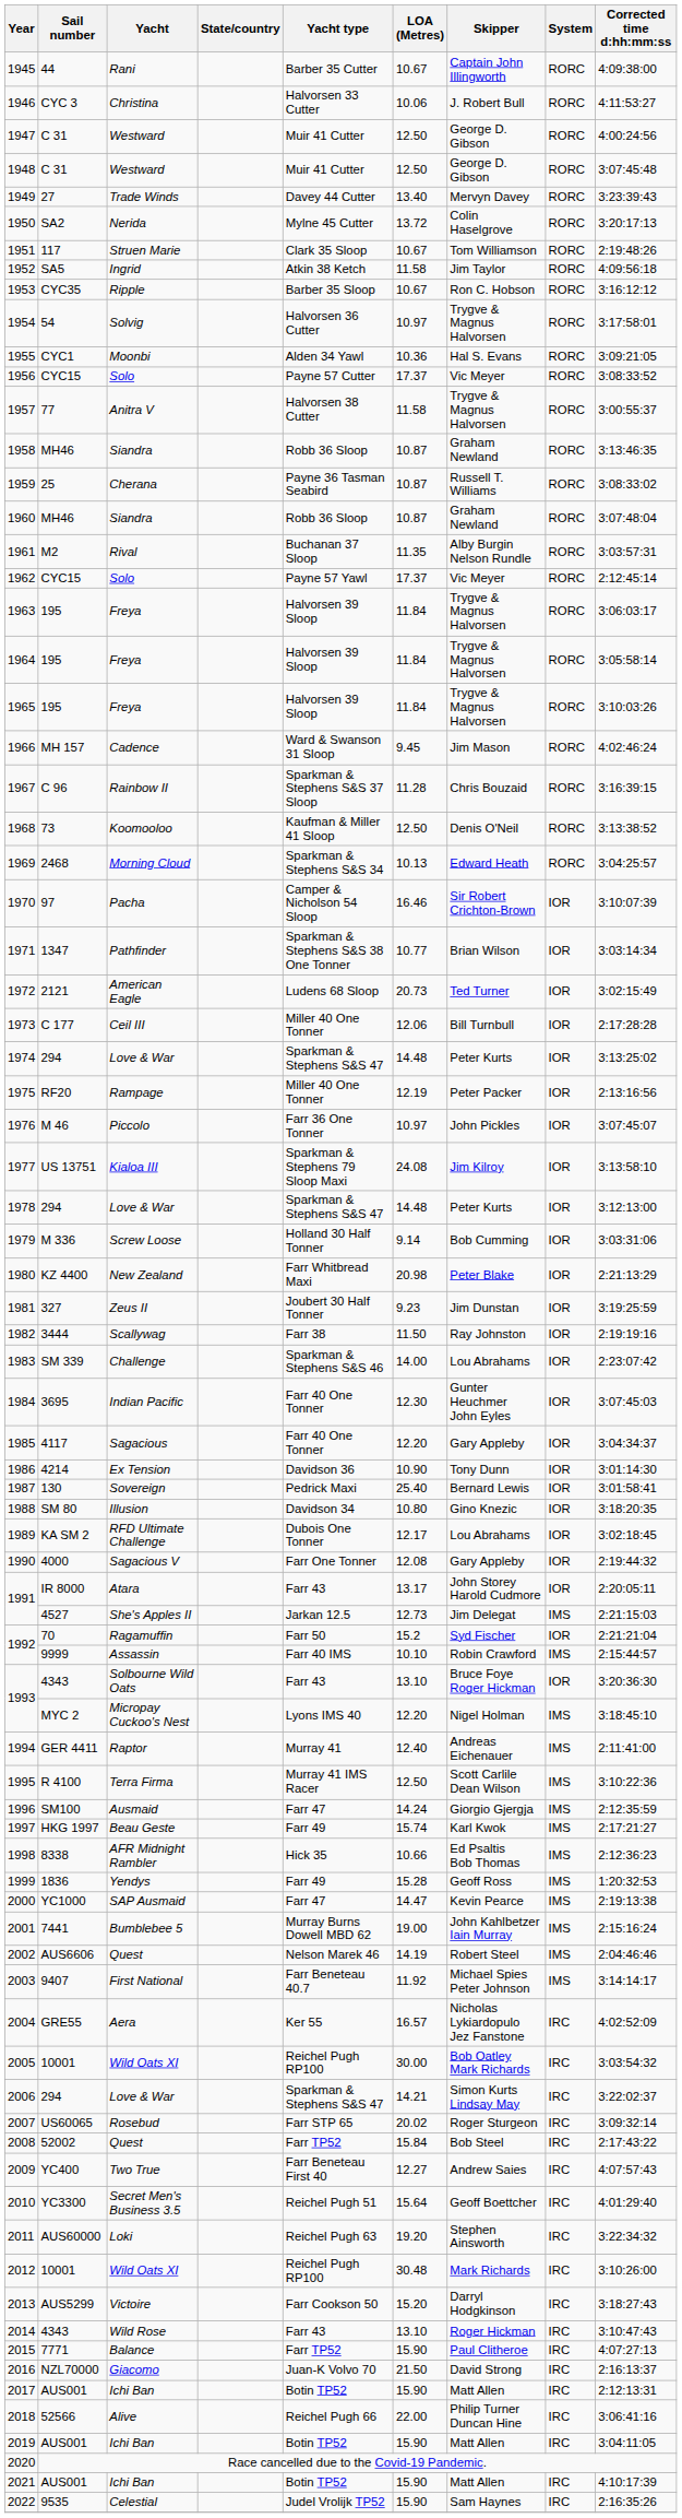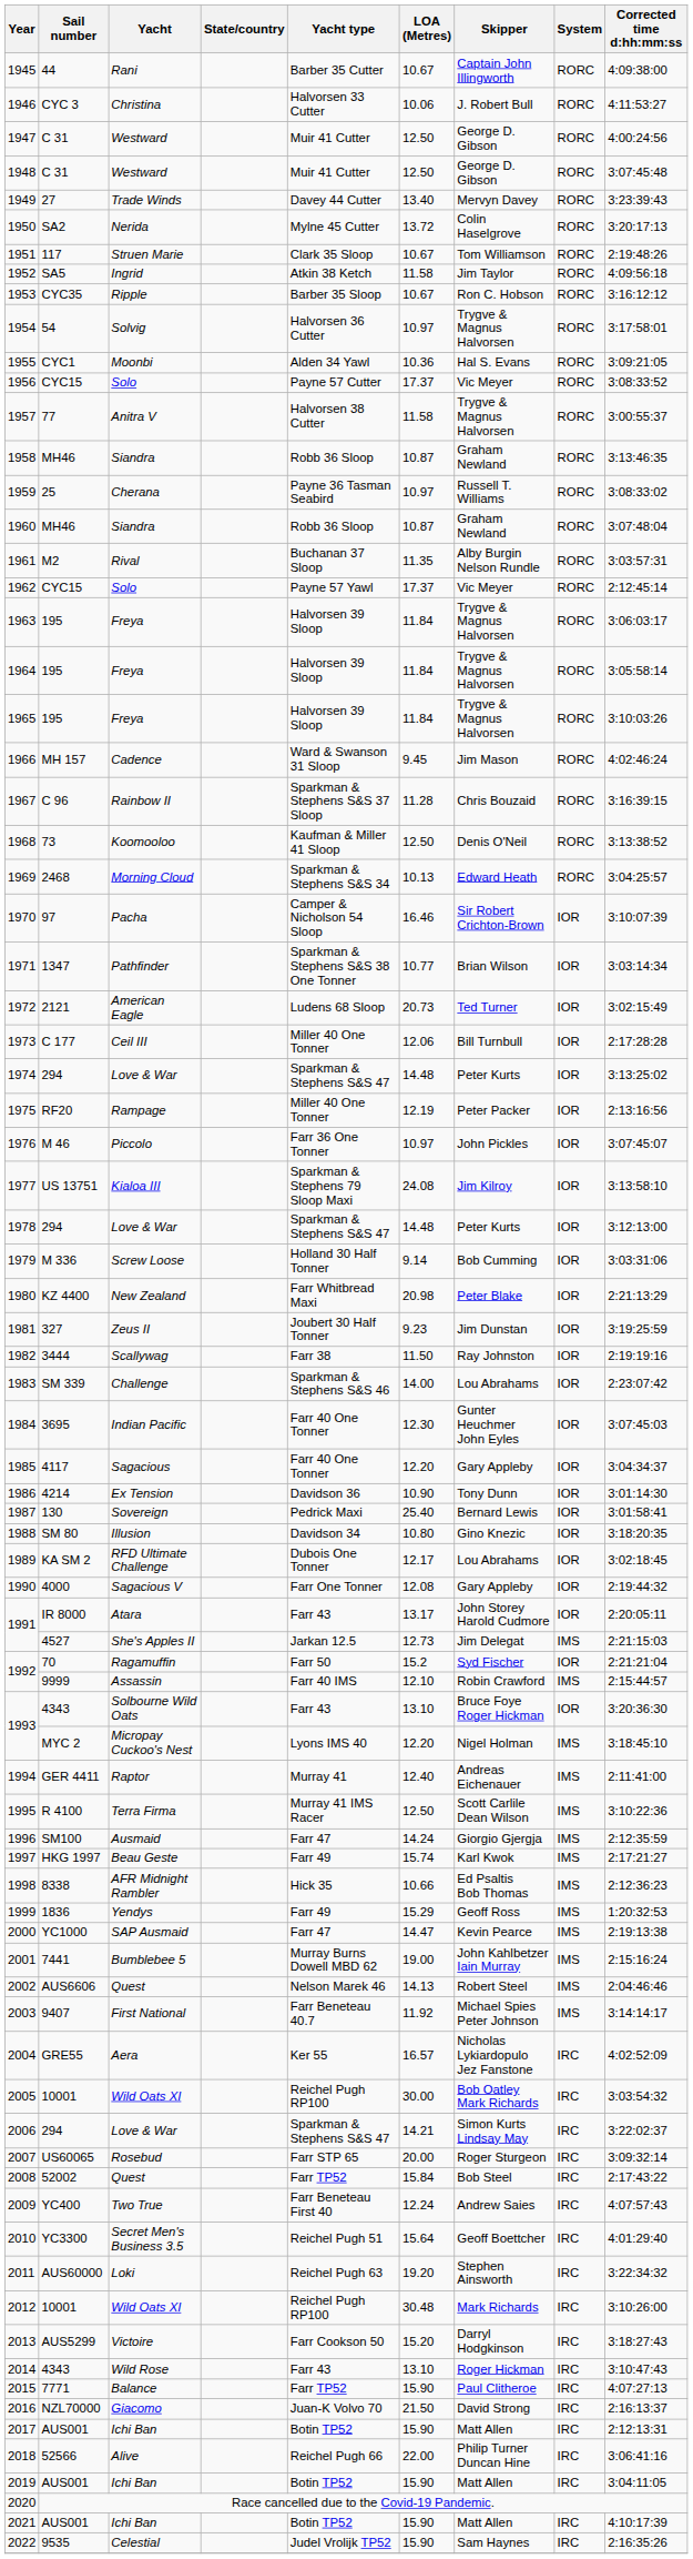 <table class="wikitable">
 <tr>
 <th>Year</th>
 <th>Sail number</th>
 <th>Yacht</th>
 <th>State/country</th>
 <th>Yacht type</th>
 <th>LOA <br>(Metres)</th>
 <th>Skipper</th>
 <th>System</th>
 <th>Corrected time <br>d:hh:mm:ss</th>
 </tr>
 <tr>
 <td>1945</td>
 <td>44</td>
 <td><em>Rani</em></td>
 <td></td>
 <td>Barber 35 Cutter</td>
 <td>10.67</td>
 <td><a href='#'>Captain John Illingworth</a></td>
 <td>RORC</td>
 <td>4:09:38:00</td>
 </tr>
 <tr>
 <td>1946</td>
 <td>CYC 3</td>
 <td><em>Christina</em></td>
 <td></td>
 <td>Halvorsen 33 Cutter</td>
 <td>10.06</td>
 <td>J. Robert Bull</td>
 <td>RORC</td>
 <td>4:11:53:27</td>
 </tr>
 <tr>
 <td>1947</td>
 <td>C 31</td>
 <td><em>Westward</em></td>
 <td></td>
 <td>Muir 41 Cutter</td>
 <td>12.50</td>
 <td>George D. Gibson</td>
 <td>RORC</td>
 <td>4:00:24:56</td>
 </tr>
 <tr>
 <td>1948</td>
 <td>C 31</td>
 <td><em>Westward</em></td>
 <td></td>
 <td>Muir 41 Cutter</td>
 <td>12.50</td>
 <td>George D. Gibson</td>
 <td>RORC</td>
 <td>3:07:45:48</td>
 </tr>
 <tr>
 <td>1949</td>
 <td>27</td>
 <td><em>Trade Winds</em></td>
 <td></td>
 <td>Davey 44 Cutter</td>
 <td>13.40</td>
 <td>Mervyn Davey</td>
 <td>RORC</td>
 <td>3:23:39:43</td>
 </tr>
 <tr>
 <td>1950</td>
 <td>SA2</td>
 <td><em>Nerida</em></td>
 <td></td>
 <td>Mylne 45 Cutter</td>
 <td>13.72</td>
 <td>Colin Haselgrove</td>
 <td>RORC</td>
 <td>3:20:17:13</td>
 </tr>
 <tr>
 <td>1951</td>
 <td>117</td>
 <td><em>Struen Marie</em></td>
 <td></td>
 <td>Clark 35 Sloop</td>
 <td>10.67</td>
 <td>Tom Williamson</td>
 <td>RORC</td>
 <td>2:19:48:26</td>
 </tr>
 <tr>
 <td>1952</td>
 <td>SA5</td>
 <td><em>Ingrid</em></td>
 <td></td>
 <td>Atkin 38 Ketch</td>
 <td>11.58</td>
 <td>Jim Taylor</td>
 <td>RORC</td>
 <td>4:09:56:18</td>
 </tr>
 <tr>
 <td>1953</td>
 <td>CYC35</td>
 <td><em>Ripple</em></td>
 <td></td>
 <td>Barber 35 Sloop</td>
 <td>10.67</td>
 <td>Ron C. Hobson</td>
 <td>RORC</td>
 <td>3:16:12:12</td>
 </tr>
 <tr>
 <td>1954</td>
 <td>54</td>
 <td><em>Solvig</em></td>
 <td></td>
 <td>Halvorsen 36 Cutter</td>
 <td>10.97</td>
 <td>Trygve & Magnus Halvorsen</td>
 <td>RORC</td>
 <td>3:17:58:01</td>
 </tr>
 <tr>
 <td>1955</td>
 <td>CYC1</td>
 <td><em>Moonbi</em></td>
 <td></td>
 <td>Alden 34 Yawl</td>
 <td>10.36</td>
 <td>Hal S. Evans</td>
 <td>RORC</td>
 <td>3:09:21:05</td>
 </tr>
 <tr>
 <td>1956</td>
 <td>CYC15</td>
 <td><em><a href='#'>Solo</a></em></td>
 <td></td>
 <td>Payne 57 Cutter</td>
 <td>17.37</td>
 <td>Vic Meyer</td>
 <td>RORC</td>
 <td>3:08:33:52</td>
 </tr>
 <tr>
 <td>1957</td>
 <td>77</td>
 <td><em>Anitra V</em></td>
 <td></td>
 <td>Halvorsen 38 Cutter</td>
 <td>11.58</td>
 <td>Trygve & Magnus Halvorsen</td>
 <td>RORC</td>
 <td>3:00:55:37</td>
 </tr>
 <tr>
 <td>1958</td>
 <td>MH46</td>
 <td><em>Siandra</em></td>
 <td></td>
 <td>Robb 36 Sloop</td>
 <td>10.87</td>
 <td>Graham Newland</td>
 <td>RORC</td>
 <td>3:13:46:35</td>
 </tr>
 <tr>
 <td>1959</td>
 <td>25</td>
 <td><em>Cherana</em></td>
 <td></td>
 <td>Payne 36 Tasman Seabird</td>
-<td>10.87</td>
+<td>10.97</td>
 <td>Russell T. Williams</td>
 <td>RORC</td>
 <td>3:08:33:02</td>
 </tr>
 <tr>
 <td>1960</td>
 <td>MH46</td>
 <td><em>Siandra</em></td>
 <td></td>
 <td>Robb 36 Sloop</td>
 <td>10.87</td>
 <td>Graham Newland</td>
 <td>RORC</td>
 <td>3:07:48:04</td>
 </tr>
 <tr>
 <td>1961</td>
 <td>M2</td>
 <td><em>Rival</em></td>
 <td></td>
 <td>Buchanan 37 Sloop</td>
 <td>11.35</td>
 <td>Alby Burgin <br> Nelson Rundle</td>
 <td>RORC</td>
 <td>3:03:57:31</td>
 </tr>
 <tr>
 <td>1962</td>
 <td>CYC15</td>
 <td><em><a href='#'>Solo</a></em></td>
 <td></td>
 <td>Payne 57 Yawl</td>
 <td>17.37</td>
 <td>Vic Meyer</td>
 <td>RORC</td>
 <td>2:12:45:14</td>
 </tr>
 <tr>
 <td>1963</td>
 <td>195</td>
 <td><em>Freya</em></td>
 <td></td>
 <td>Halvorsen 39 Sloop</td>
 <td>11.84</td>
 <td>Trygve & Magnus Halvorsen</td>
 <td>RORC</td>
 <td>3:06:03:17</td>
 </tr>
 <tr>
 <td>1964</td>
 <td>195</td>
 <td><em>Freya</em></td>
 <td></td>
 <td>Halvorsen 39 Sloop</td>
 <td>11.84</td>
 <td>Trygve & Magnus Halvorsen</td>
 <td>RORC</td>
 <td>3:05:58:14</td>
 </tr>
 <tr>
 <td>1965</td>
 <td>195</td>
 <td><em>Freya</em></td>
 <td></td>
 <td>Halvorsen 39 Sloop</td>
 <td>11.84</td>
 <td>Trygve & Magnus Halvorsen</td>
 <td>RORC</td>
 <td>3:10:03:26</td>
 </tr>
 <tr>
 <td>1966</td>
 <td>MH 157</td>
 <td><em>Cadence</em></td>
 <td></td>
 <td>Ward & Swanson 31 Sloop</td>
 <td>9.45</td>
 <td>Jim Mason</td>
 <td>RORC</td>
 <td>4:02:46:24</td>
 </tr>
 <tr>
 <td>1967</td>
 <td>C 96</td>
 <td><em>Rainbow II</em></td>
 <td></td>
 <td>Sparkman & Stephens S&S 37 Sloop</td>
 <td>11.28</td>
 <td>Chris Bouzaid</td>
 <td>RORC</td>
 <td>3:16:39:15</td>
 </tr>
 <tr>
 <td>1968</td>
 <td>73</td>
 <td><em>Koomooloo</em></td>
 <td></td>
 <td>Kaufman & Miller 41 Sloop</td>
 <td>12.50</td>
 <td>Denis O'Neil</td>
 <td>RORC</td>
 <td>3:13:38:52</td>
 </tr>
 <tr>
 <td>1969</td>
 <td>2468</td>
 <td><em><a href='#'>Morning Cloud</a></em></td>
 <td></td>
 <td>Sparkman & Stephens S&S 34</td>
 <td>10.13</td>
 <td><a href='#'>Edward Heath</a></td>
 <td>RORC</td>
 <td>3:04:25:57</td>
 </tr>
 <tr>
 <td>1970</td>
 <td>97</td>
 <td><em>Pacha</em></td>
 <td></td>
 <td>Camper & Nicholson 54 Sloop</td>
 <td>16.46</td>
 <td><a href='#'>Sir Robert Crichton-Brown</a></td>
 <td>IOR</td>
 <td>3:10:07:39</td>
 </tr>
 <tr>
 <td>1971</td>
 <td>1347</td>
 <td><em>Pathfinder</em></td>
 <td></td>
 <td>Sparkman & Stephens S&S 38 One Tonner</td>
 <td>10.77</td>
 <td>Brian Wilson</td>
 <td>IOR</td>
 <td>3:03:14:34</td>
 </tr>
 <tr>
 <td>1972</td>
 <td>2121</td>
 <td><em>American Eagle</em></td>
 <td></td>
 <td>Ludens 68 Sloop</td>
 <td>20.73</td>
 <td><a href='#'>Ted Turner</a></td>
 <td>IOR</td>
 <td>3:02:15:49</td>
 </tr>
 <tr>
 <td>1973</td>
 <td>C 177</td>
 <td><em>Ceil III</em></td>
 <td></td>
 <td>Miller 40 One Tonner</td>
 <td>12.06</td>
 <td>Bill Turnbull</td>
 <td>IOR</td>
 <td>2:17:28:28</td>
 </tr>
 <tr>
 <td>1974</td>
 <td>294</td>
 <td><em>Love & War</em></td>
 <td></td>
 <td>Sparkman & Stephens S&S 47</td>
 <td>14.48</td>
 <td>Peter Kurts</td>
 <td>IOR</td>
 <td>3:13:25:02</td>
 </tr>
 <tr>
 <td>1975</td>
 <td>RF20</td>
 <td><em>Rampage</em></td>
 <td></td>
 <td>Miller 40 One Tonner</td>
 <td>12.19</td>
 <td>Peter Packer</td>
 <td>IOR</td>
 <td>2:13:16:56</td>
 </tr>
 <tr>
 <td>1976</td>
 <td>M 46</td>
 <td><em>Piccolo</em></td>
 <td></td>
 <td>Farr 36 One Tonner</td>
 <td>10.97</td>
 <td>John Pickles</td>
 <td>IOR</td>
 <td>3:07:45:07</td>
 </tr>
 <tr>
 <td>1977</td>
 <td>US 13751</td>
 <td><em><a href='#'>Kialoa III</a></em></td>
 <td></td>
 <td>Sparkman & Stephens 79 Sloop Maxi</td>
 <td>24.08</td>
 <td><a href='#'>Jim Kilroy</a></td>
 <td>IOR</td>
 <td>3:13:58:10</td>
 </tr>
 <tr>
 <td>1978</td>
 <td>294</td>
 <td><em>Love & War</em></td>
 <td></td>
 <td>Sparkman & Stephens S&S 47</td>
 <td>14.48</td>
 <td>Peter Kurts</td>
 <td>IOR</td>
 <td>3:12:13:00</td>
 </tr>
 <tr>
 <td>1979</td>
 <td>M 336</td>
 <td><em>Screw Loose</em></td>
 <td></td>
 <td>Holland 30 Half Tonner</td>
 <td>9.14</td>
 <td>Bob Cumming</td>
 <td>IOR</td>
 <td>3:03:31:06</td>
 </tr>
 <tr>
 <td>1980</td>
 <td>KZ 4400</td>
 <td><em>New Zealand</em></td>
 <td></td>
 <td>Farr Whitbread Maxi</td>
 <td>20.98</td>
 <td><a href='#'>Peter Blake</a></td>
 <td>IOR</td>
 <td>2:21:13:29</td>
 </tr>
 <tr>
 <td>1981</td>
 <td>327</td>
 <td><em>Zeus II</em></td>
 <td></td>
 <td>Joubert 30 Half Tonner</td>
 <td>9.23</td>
 <td>Jim Dunstan</td>
 <td>IOR</td>
 <td>3:19:25:59</td>
 </tr>
 <tr>
 <td>1982</td>
 <td>3444</td>
 <td><em>Scallywag</em></td>
 <td></td>
 <td>Farr 38</td>
 <td>11.50</td>
 <td>Ray Johnston</td>
 <td>IOR</td>
 <td>2:19:19:16</td>
 </tr>
 <tr>
 <td>1983</td>
 <td>SM 339</td>
 <td><em>Challenge </em></td>
 <td></td>
 <td>Sparkman & Stephens S&S 46</td>
 <td>14.00</td>
 <td>Lou Abrahams</td>
 <td>IOR</td>
 <td>2:23:07:42</td>
 </tr>
 <tr>
 <td>1984</td>
 <td>3695</td>
 <td><em>Indian Pacific</em></td>
 <td></td>
 <td>Farr 40 One Tonner</td>
 <td>12.30</td>
 <td>Gunter Heuchmer <br> John Eyles</td>
 <td>IOR</td>
 <td>3:07:45:03</td>
 </tr>
 <tr>
 <td>1985</td>
 <td>4117</td>
 <td><em>Sagacious</em></td>
 <td></td>
 <td>Farr 40 One Tonner</td>
 <td>12.20</td>
 <td>Gary Appleby</td>
 <td>IOR</td>
 <td>3:04:34:37</td>
 </tr>
 <tr>
 <td>1986</td>
 <td>4214</td>
 <td><em>Ex Tension</em></td>
 <td></td>
 <td>Davidson 36</td>
 <td>10.90</td>
 <td>Tony Dunn</td>
 <td>IOR</td>
 <td>3:01:14:30</td>
 </tr>
 <tr>
 <td>1987</td>
 <td>130</td>
 <td><em>Sovereign</em></td>
 <td></td>
 <td>Pedrick Maxi</td>
 <td>25.40</td>
 <td>Bernard Lewis</td>
 <td>IOR</td>
 <td>3:01:58:41</td>
 </tr>
 <tr>
 <td>1988</td>
 <td>SM 80</td>
 <td><em>Illusion</em></td>
 <td></td>
 <td>Davidson 34</td>
 <td>10.80</td>
 <td>Gino Knezic</td>
 <td>IOR</td>
 <td>3:18:20:35</td>
 </tr>
 <tr>
 <td>1989</td>
 <td>KA SM 2</td>
 <td><em>RFD Ultimate Challenge</em></td>
 <td></td>
 <td>Dubois One Tonner</td>
 <td>12.17</td>
 <td>Lou Abrahams</td>
 <td>IOR</td>
 <td>3:02:18:45</td>
 </tr>
 <tr>
 <td>1990</td>
 <td>4000</td>
 <td><em>Sagacious V</em></td>
 <td></td>
 <td>Farr One Tonner</td>
 <td>12.08</td>
 <td>Gary Appleby</td>
 <td>IOR</td>
 <td>2:19:44:32</td>
 </tr>
 <tr>
 <td rowspan=2>1991</td>
 <td>IR 8000</td>
 <td><em>Atara</em></td>
 <td></td>
 <td>Farr 43</td>
 <td>13.17</td>
 <td>John Storey <br> Harold Cudmore</td>
 <td>IOR</td>
 <td>2:20:05:11</td>
 </tr>
 <tr>
 <td>4527</td>
 <td><em>She's Apples II</em></td>
 <td></td>
 <td>Jarkan 12.5</td>
 <td>12.73</td>
 <td>Jim Delegat</td>
 <td>IMS</td>
 <td>2:21:15:03</td>
 </tr>
 <tr>
 <td rowspan=2>1992</td>
 <td>70</td>
 <td><em>Ragamuffin</em></td>
 <td></td>
 <td>Farr 50</td>
 <td>15.2</td>
 <td><a href='#'>Syd Fischer</a></td>
 <td>IOR</td>
 <td>2:21:21:04</td>
 </tr>
 <tr>
 <td>9999</td>
 <td><em>Assassin</em></td>
 <td></td>
 <td>Farr 40 IMS</td>
-<td>10.10</td>
+<td>12.10</td>
 <td>Robin Crawford</td>
 <td>IMS</td>
 <td>2:15:44:57</td>
 </tr>
 <tr>
 <td rowspan=2>1993</td>
 <td>4343</td>
 <td><em>Solbourne Wild Oats</em></td>
 <td></td>
 <td>Farr 43</td>
 <td>13.10</td>
 <td>Bruce Foye <br> <a href='#'>Roger Hickman</a></td>
 <td>IOR</td>
 <td>3:20:36:30</td>
 </tr>
 <tr>
 <td>MYC 2</td>
 <td><em>Micropay Cuckoo's Nest</em></td>
 <td></td>
 <td>Lyons IMS 40</td>
 <td>12.20</td>
 <td>Nigel Holman</td>
 <td>IMS</td>
 <td>3:18:45:10</td>
 </tr>
 <tr>
 <td>1994</td>
 <td>GER 4411</td>
 <td><em>Raptor</em></td>
 <td></td>
 <td>Murray 41</td>
 <td>12.40</td>
 <td>Andreas Eichenauer</td>
 <td>IMS</td>
 <td>2:11:41:00</td>
 </tr>
 <tr>
 <td>1995</td>
 <td>R 4100</td>
 <td><em>Terra Firma</em></td>
 <td></td>
 <td>Murray 41 IMS Racer</td>
 <td>12.50</td>
 <td>Scott Carlile <br> Dean Wilson</td>
 <td>IMS</td>
 <td>3:10:22:36</td>
 </tr>
 <tr>
 <td>1996</td>
 <td>SM100</td>
 <td><em>Ausmaid</em></td>
 <td></td>
 <td>Farr 47</td>
 <td>14.24</td>
 <td>Giorgio Gjergja</td>
 <td>IMS</td>
 <td>2:12:35:59</td>
 </tr>
 <tr>
 <td>1997</td>
 <td>HKG 1997</td>
 <td><em>Beau Geste</em></td>
 <td></td>
 <td>Farr 49</td>
 <td>15.74</td>
 <td>Karl Kwok</td>
 <td>IMS</td>
 <td>2:17:21:27</td>
 </tr>
 <tr>
 <td>1998</td>
 <td>8338</td>
 <td><em>AFR Midnight Rambler</em></td>
 <td></td>
 <td>Hick 35</td>
 <td>10.66</td>
 <td>Ed Psaltis <br> Bob Thomas</td>
 <td>IMS</td>
 <td>2:12:36:23</td>
 </tr>
 <tr>
 <td>1999</td>
 <td>1836</td>
 <td><em>Yendys</em></td>
 <td></td>
 <td>Farr 49</td>
-<td>15.28</td>
+<td>15.29</td>
 <td>Geoff Ross</td>
 <td>IMS</td>
 <td>1:20:32:53</td>
 </tr>
 <tr>
 <td>2000</td>
 <td>YC1000</td>
 <td><em>SAP Ausmaid</em></td>
 <td></td>
 <td>Farr 47</td>
 <td>14.47</td>
 <td>Kevin Pearce</td>
 <td>IMS</td>
 <td>2:19:13:38</td>
 </tr>
 <tr>
 <td>2001</td>
 <td>7441</td>
 <td><em>Bumblebee 5</em></td>
 <td></td>
 <td>Murray Burns Dowell MBD 62</td>
 <td>19.00</td>
 <td>John Kahlbetzer <br> <a href='#'>Iain Murray</a></td>
 <td>IMS</td>
 <td>2:15:16:24</td>
 </tr>
 <tr>
 <td>2002</td>
 <td>AUS6606</td>
 <td><em>Quest</em></td>
 <td></td>
 <td>Nelson Marek 46</td>
-<td>14.19</td>
+<td>14.13</td>
 <td>Robert Steel</td>
 <td>IMS</td>
 <td>2:04:46:46</td>
 </tr>
 <tr>
 <td>2003</td>
 <td>9407</td>
 <td><em>First National</em></td>
 <td></td>
 <td>Farr Beneteau 40.7</td>
 <td>11.92</td>
 <td>Michael Spies <br> Peter Johnson</td>
 <td>IMS</td>
 <td>3:14:14:17</td>
 </tr>
 <tr>
 <td>2004</td>
 <td>GRE55</td>
 <td><em>Aera</em></td>
 <td></td>
 <td>Ker 55</td>
 <td>16.57</td>
 <td>Nicholas Lykiardopulo <br> Jez Fanstone</td>
 <td>IRC</td>
 <td>4:02:52:09</td>
 </tr>
 <tr>
 <td>2005</td>
 <td>10001</td>
 <td><em><a href='#'>Wild Oats XI</a></em></td>
 <td></td>
 <td>Reichel Pugh RP100</td>
 <td>30.00</td>
 <td><a href='#'>Bob Oatley</a> <br> <a href='#'>Mark Richards</a></td>
 <td>IRC</td>
 <td>3:03:54:32</td>
 </tr>
 <tr>
 <td>2006</td>
 <td>294</td>
 <td><em>Love & War</em></td>
 <td></td>
 <td>Sparkman & Stephens S&S 47</td>
 <td>14.21</td>
 <td>Simon Kurts <br> <a href='#'>Lindsay May</a></td>
 <td>IRC</td>
 <td>3:22:02:37</td>
 </tr>
 <tr>
 <td>2007</td>
 <td>US60065</td>
 <td><em>Rosebud</em></td>
 <td></td>
 <td>Farr STP 65</td>
-<td>20.02</td>
+<td>20.00</td>
 <td>Roger Sturgeon</td>
 <td>IRC</td>
 <td>3:09:32:14</td>
 </tr>
 <tr>
 <td>2008</td>
 <td>52002</td>
 <td><em>Quest</em></td>
 <td></td>
 <td>Farr <a href='#'>TP52</a></td>
 <td>15.84</td>
 <td>Bob Steel</td>
 <td>IRC</td>
 <td>2:17:43:22</td>
 </tr>
 <tr>
 <td>2009</td>
 <td>YC400</td>
 <td><em>Two True</em></td>
 <td></td>
 <td>Farr Beneteau First 40</td>
-<td>12.27</td>
+<td>12.24</td>
 <td>Andrew Saies</td>
 <td>IRC</td>
 <td>4:07:57:43</td>
 </tr>
 <tr>
 <td>2010</td>
 <td>YC3300</td>
 <td><em>Secret Men's Business 3.5</em></td>
 <td></td>
 <td>Reichel Pugh 51</td>
 <td>15.64</td>
 <td>Geoff Boettcher</td>
 <td>IRC</td>
 <td>4:01:29:40</td>
 </tr>
 <tr>
 <td>2011</td>
 <td>AUS60000</td>
 <td><em>Loki</em></td>
 <td></td>
 <td>Reichel Pugh 63</td>
 <td>19.20</td>
 <td>Stephen Ainsworth</td>
 <td>IRC</td>
 <td>3:22:34:32</td>
 </tr>
 <tr>
 <td>2012</td>
 <td>10001</td>
 <td><em><a href='#'>Wild Oats XI</a></em></td>
 <td></td>
 <td>Reichel Pugh RP100</td>
 <td>30.48</td>
 <td><a href='#'>Mark Richards</a></td>
 <td>IRC</td>
 <td>3:10:26:00</td>
 </tr>
 <tr>
 <td>2013</td>
 <td>AUS5299</td>
 <td><em>Victoire</em></td>
 <td></td>
 <td>Farr Cookson 50</td>
 <td>15.20</td>
 <td>Darryl Hodgkinson</td>
 <td>IRC</td>
 <td>3:18:27:43</td>
 </tr>
 <tr>
 <td>2014</td>
 <td>4343</td>
 <td><em>Wild Rose</em></td>
 <td></td>
 <td>Farr 43</td>
 <td>13.10</td>
 <td><a href='#'>Roger Hickman</a></td>
 <td>IRC</td>
 <td>3:10:47:43</td>
 </tr>
 <tr>
 <td>2015</td>
 <td>7771</td>
 <td><em>Balance</em></td>
 <td></td>
 <td>Farr <a href='#'>TP52</a></td>
 <td>15.90</td>
 <td><a href='#'>Paul Clitheroe</a></td>
 <td>IRC</td>
 <td>4:07:27:13</td>
 </tr>
 <tr>
 <td>2016</td>
 <td>NZL70000</td>
 <td><em><a href='#'>Giacomo</a></em></td>
 <td></td>
 <td>Juan-K Volvo 70</td>
 <td>21.50</td>
 <td>David Strong</td>
 <td>IRC</td>
 <td>2:16:13:37</td>
 </tr>
 <tr>
 <td>2017</td>
 <td>AUS001</td>
 <td><em>Ichi Ban</em></td>
 <td></td>
 <td>Botin <a href='#'>TP52</a></td>
 <td>15.90</td>
 <td>Matt Allen</td>
 <td>IRC</td>
 <td>2:12:13:31</td>
 </tr>
 <tr>
 <td>2018</td>
 <td>52566</td>
 <td><em>Alive</em></td>
 <td></td>
 <td>Reichel Pugh 66</td>
 <td>22.00</td>
 <td>Philip Turner <br> Duncan Hine</td>
 <td>IRC</td>
 <td>3:06:41:16</td>
 </tr>
 <tr>
 <td>2019</td>
 <td>AUS001</td>
 <td><em>Ichi Ban</em></td>
 <td></td>
 <td>Botin <a href='#'>TP52</a></td>
 <td>15.90</td>
 <td>Matt Allen</td>
 <td>IRC</td>
 <td>3:04:11:05</td>
 </tr>
 <tr>
 <td>2020</td>
 <td colspan="8" style="text-align:center">Race cancelled due to the <a href='#'>Covid-19 Pandemic</a>.</td>
 </tr>
 <tr>
 <td>2021</td>
 <td>AUS001</td>
 <td><em>Ichi Ban</em></td>
 <td></td>
 <td>Botin <a href='#'>TP52</a></td>
 <td>15.90</td>
 <td>Matt Allen</td>
 <td>IRC</td>
 <td>4:10:17:39</td>
 </tr>
 <tr>
 <td>2022</td>
 <td>9535</td>
 <td><em>Celestial</em></td>
 <td></td>
 <td>Judel Vrolijk <a href='#'>TP52</a></td>
 <td>15.90</td>
 <td>Sam Haynes</td>
 <td>IRC</td>
 <td>2:16:35:26</td>
 </tr>
 <tr>
 </tr>
 </table>
